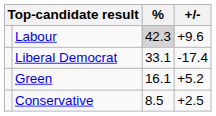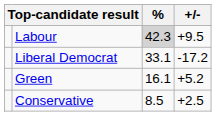 <table class="wikitable">
 <tr>
 <th colspan="2">Top-candidate result</th>
 <th>%</th>
 <th>+/-</th>
 </tr>
 <tr>
 <td style="background-color: "></td>
 <td><a href='#'>Labour</a></td>
 <td style="background: lightgrey;">42.3</td>
-<td>+9.6</td>
+<td>+9.5</td>
 </tr>
 <tr>
 <td style="background-color: "></td>
 <td><a href='#'>Liberal Democrat</a></td>
 <td>33.1</td>
-<td>-17.4</td>
+<td>-17.2</td>
 </tr>
 <tr>
 <td style="background-color: "></td>
 <td><a href='#'>Green</a></td>
 <td>16.1</td>
 <td>+5.2</td>
 </tr>
 <tr>
 <td style="background-color: "></td>
 <td><a href='#'>Conservative</a></td>
 <td>8.5</td>
 <td>+2.5</td>
 </tr>
 </table>
